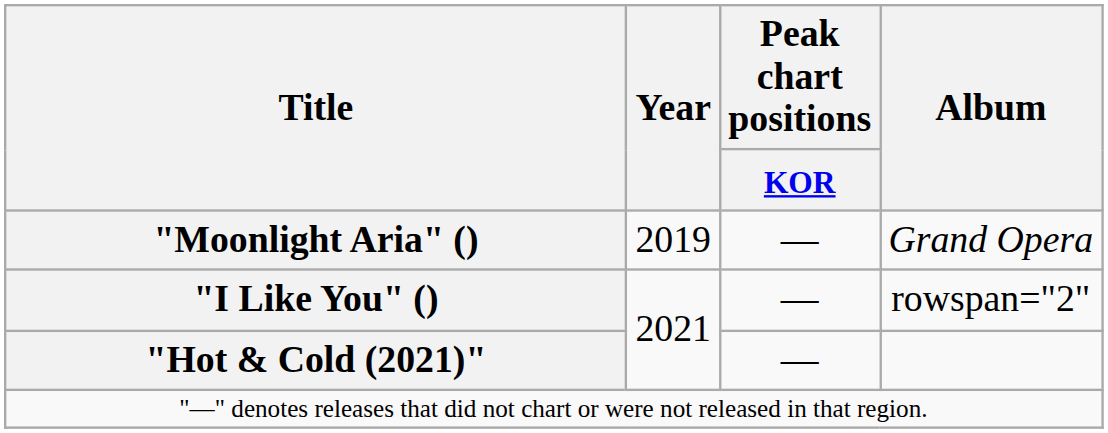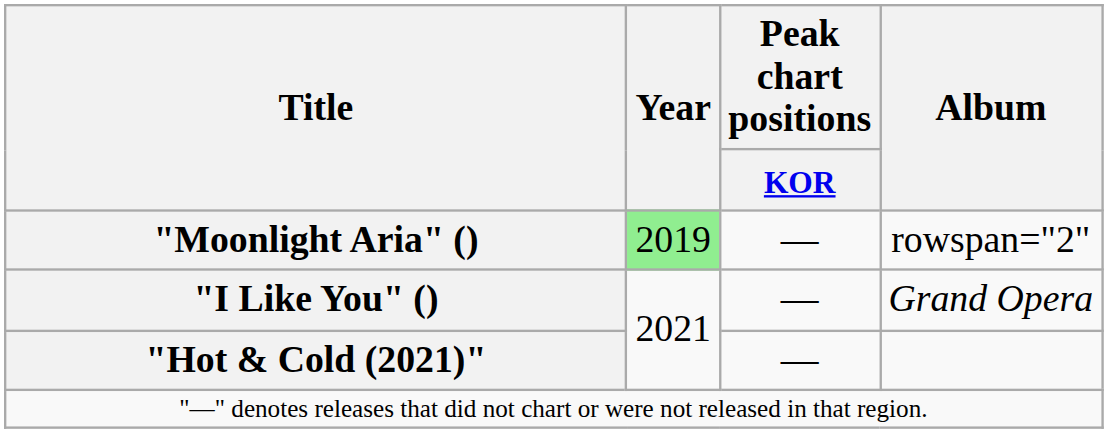 <table class="wikitable plainrowheaders" style="text-align:center;" border="1">
 <tr>
 <th scope="col" rowspan="2" style="width:16em;">Title</th>
 <th scope="col" rowspan="2">Year</th>
 <th scope="col" colspan="1">Peak chart positions</th>
 <th scope="col" rowspan="2">Album</th>
 </tr>
 <tr>
 <th style="width:2.5em;"><small><a href='#'>KOR</a></small><br></th>
 </tr>
 <tr>
 <th scope="row">"Moonlight Aria" ()</th>
-<td>2019</td>
+<td style="background: lightgreen;">2019</td>
 <td>—</td>
-<td><em>Grand Opera</em></td>
+<td>rowspan="2" </td>
 </tr>
 <tr>
 <th scope="row">"I Like You" ()</th>
 <td rowspan="2">2021</td>
 <td>—</td>
-<td>rowspan="2" </td>
+<td><em>Grand Opera</em></td>
 </tr>
 <tr>
 <th scope="row">"Hot & Cold (2021)"</th>
 <td>—</td>
 </tr>
 <tr>
 <td colspan="4" style="font-size:8pt;">"—" denotes releases that did not chart or were not released in that region.</td>
 </tr>
 </table>
